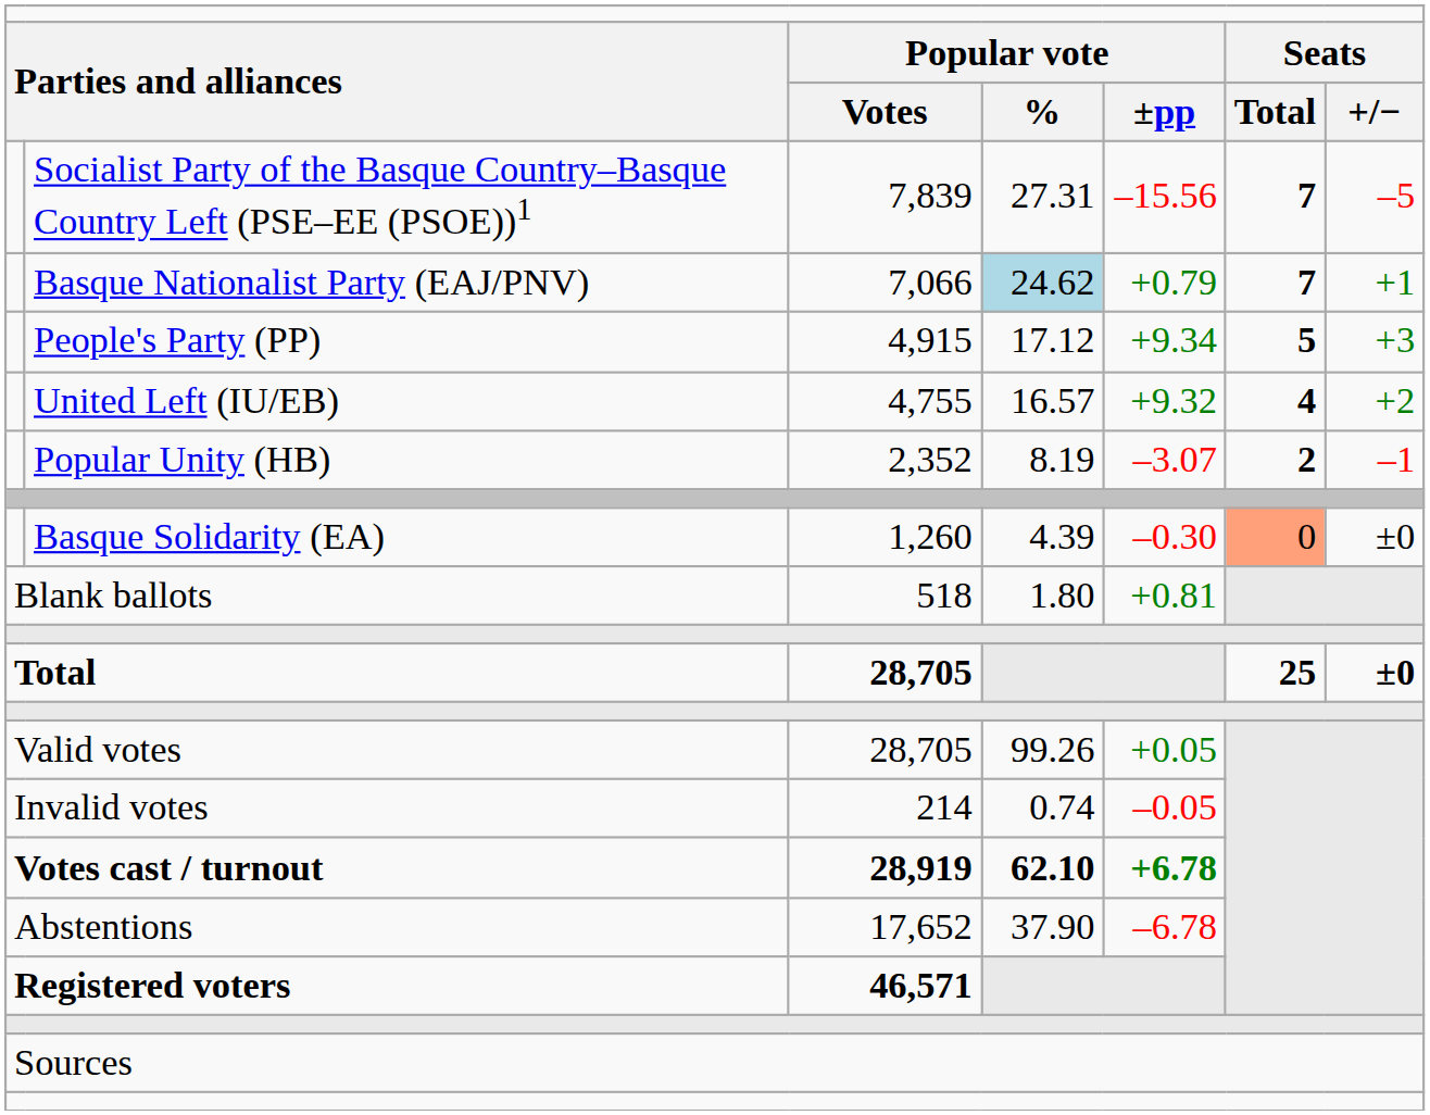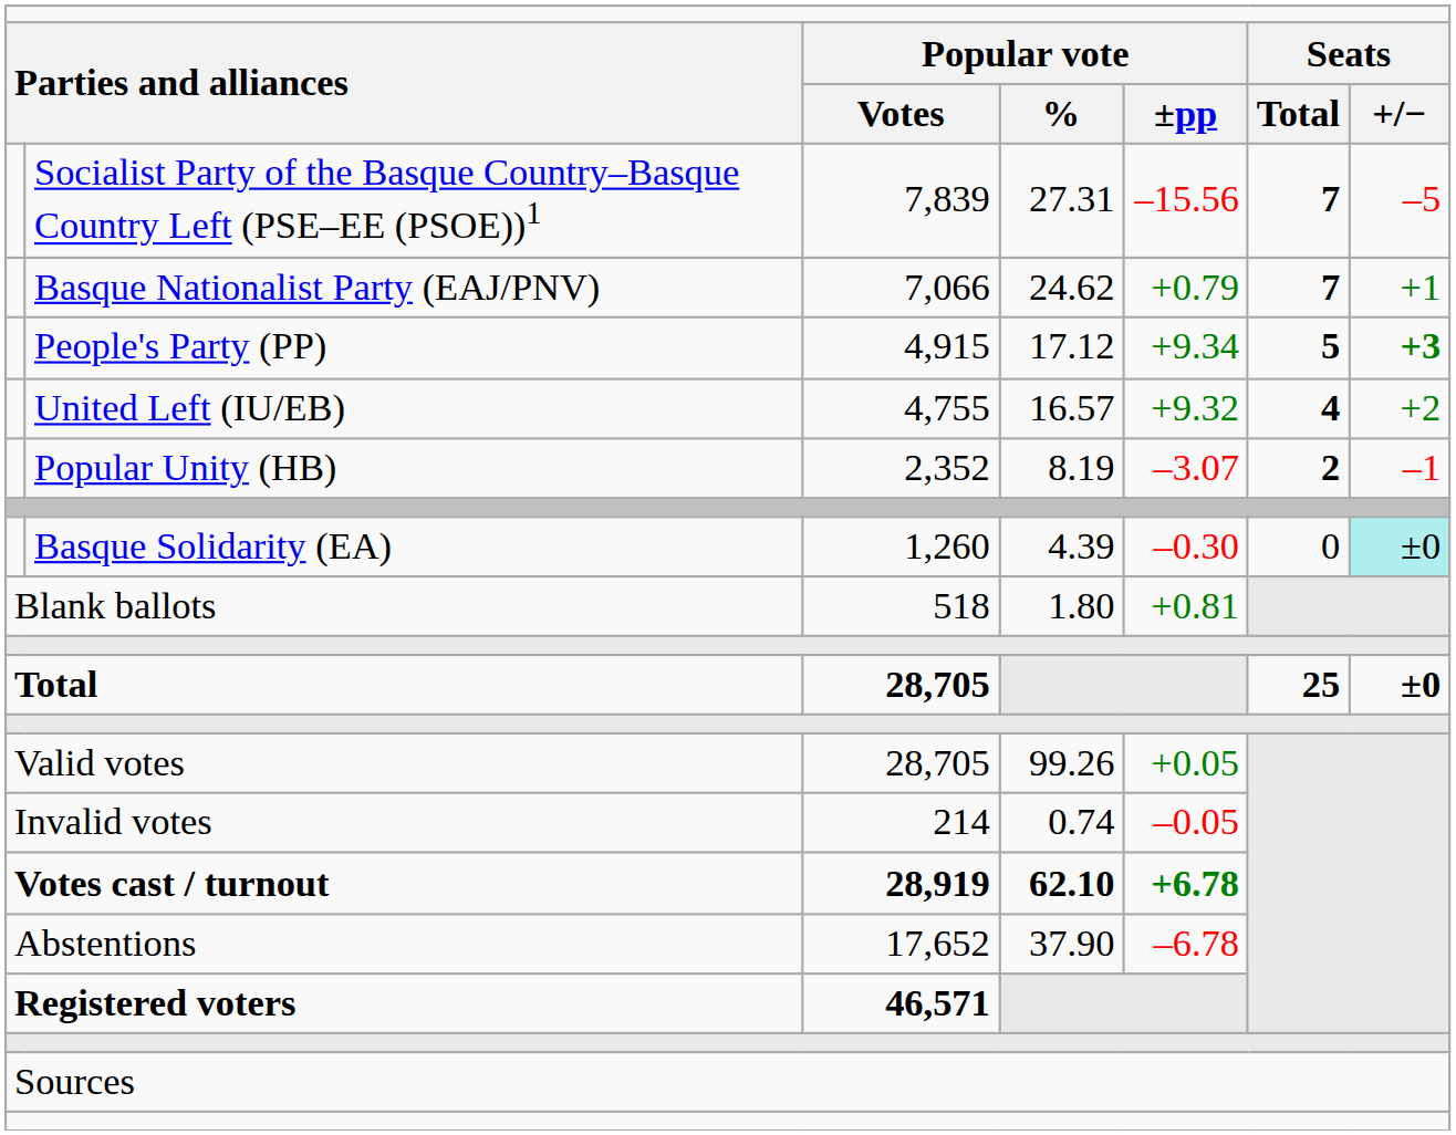 <table class="wikitable" style="text-align:right;">
 <tr>
 <td colspan="7"></td>
 </tr>
 <tr>
 <th style="text-align:left;" rowspan="2" colspan="2" width="525">Parties and alliances</th>
 <th colspan="3">Popular vote</th>
 <th colspan="2">Seats</th>
 </tr>
 <tr>
 <th width="75">Votes</th>
 <th width="45">%</th>
 <th width="45">±<a href='#'>pp</a></th>
 <th width="35">Total</th>
 <th width="35">+/−</th>
 </tr>
 <tr>
 <td width="1" style="color:inherit;background:"></td>
 <td align="left"><a href='#'>Socialist Party of the Basque Country–Basque Country Left</a> (PSE–EE (PSOE))<sup>1</sup></td>
 <td>7,839</td>
 <td>27.31</td>
 <td style="color:red;">–15.56</td>
 <td><strong>7</strong></td>
 <td style="color:red;">–5</td>
 </tr>
 <tr>
 <td style="color:inherit;background:"></td>
 <td align="left"><a href='#'>Basque Nationalist Party</a> (EAJ/PNV)</td>
 <td>7,066</td>
-<td style="background: lightblue;">24.62</td>
+<td>24.62</td>
 <td style="color:green;">+0.79</td>
 <td><strong>7</strong></td>
 <td style="color:green;">+1</td>
 </tr>
 <tr>
 <td style="color:inherit;background:"></td>
 <td align="left"><a href='#'>People's Party</a> (PP)</td>
 <td>4,915</td>
 <td>17.12</td>
 <td style="color:green;">+9.34</td>
 <td><strong>5</strong></td>
-<td style="color:green;">+3</td>
+<td style="color:green;"><strong>+3</strong></td>
 </tr>
 <tr>
 <td style="color:inherit;background:"></td>
 <td align="left"><a href='#'>United Left</a> (IU/EB)</td>
 <td>4,755</td>
 <td>16.57</td>
 <td style="color:green;">+9.32</td>
 <td><strong>4</strong></td>
 <td style="color:green;">+2</td>
 </tr>
 <tr>
 <td style="color:inherit;background:"></td>
 <td align="left"><a href='#'>Popular Unity</a> (HB)</td>
 <td>2,352</td>
 <td>8.19</td>
 <td style="color:red;">–3.07</td>
 <td><strong>2</strong></td>
 <td style="color:red;">–1</td>
 </tr>
 <tr>
 <td colspan="7" bgcolor="#C0C0C0"></td>
 </tr>
 <tr>
 <td style="color:inherit;background:"></td>
 <td align="left"><a href='#'>Basque Solidarity</a> (EA)</td>
 <td>1,260</td>
 <td>4.39</td>
 <td style="color:red;">–0.30</td>
-<td style="background: lightsalmon;">0</td>
-<td>±0</td>
+<td>0</td>
+<td style="background: paleturquoise;">±0</td>
 </tr>
 <tr>
 <td align="left" colspan="2">Blank ballots</td>
 <td>518</td>
 <td>1.80</td>
 <td style="color:green;">+0.81</td>
 <td bgcolor="#E9E9E9" colspan="2"></td>
 </tr>
 <tr>
 <td colspan="7" bgcolor="#E9E9E9"></td>
 </tr>
 <tr style="font-weight:bold;">
 <td align="left" colspan="2">Total</td>
 <td>28,705</td>
 <td bgcolor="#E9E9E9" colspan="2"></td>
 <td>25</td>
 <td>±0</td>
 </tr>
 <tr>
 <td colspan="7" bgcolor="#E9E9E9"></td>
 </tr>
 <tr>
 <td align="left" colspan="2">Valid votes</td>
 <td>28,705</td>
 <td>99.26</td>
 <td style="color:green;">+0.05</td>
 <td bgcolor="#E9E9E9" colspan="2" rowspan="5"></td>
 </tr>
 <tr>
 <td align="left" colspan="2">Invalid votes</td>
 <td>214</td>
 <td>0.74</td>
 <td style="color:red;">–0.05</td>
 </tr>
 <tr style="font-weight:bold;">
 <td align="left" colspan="2">Votes cast / turnout</td>
 <td>28,919</td>
 <td>62.10</td>
 <td style="color:green;">+6.78</td>
 </tr>
 <tr>
 <td align="left" colspan="2">Abstentions</td>
 <td>17,652</td>
 <td>37.90</td>
 <td style="color:red;">–6.78</td>
 </tr>
 <tr style="font-weight:bold;">
 <td align="left" colspan="2">Registered voters</td>
 <td>46,571</td>
 <td bgcolor="#E9E9E9" colspan="2"></td>
 </tr>
 <tr>
 <td colspan="7" bgcolor="#E9E9E9"></td>
 </tr>
 <tr>
 <td align="left" colspan="7">Sources</td>
 </tr>
 <tr>
 <td colspan="7" style="text-align:left; max-width:790px;"></td>
 </tr>
 </table>
